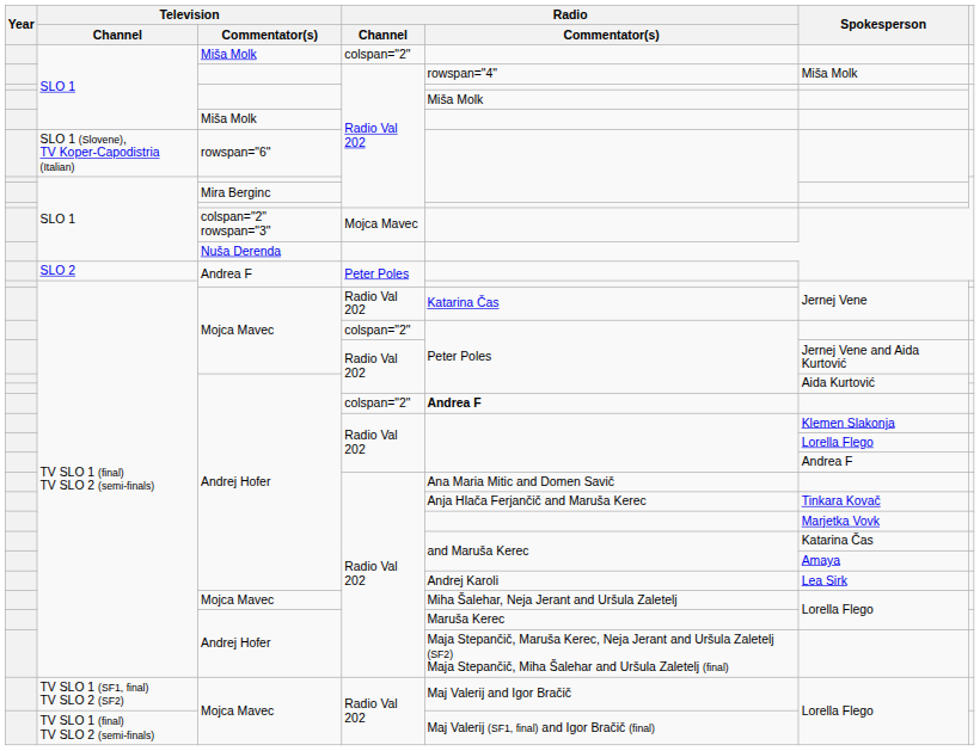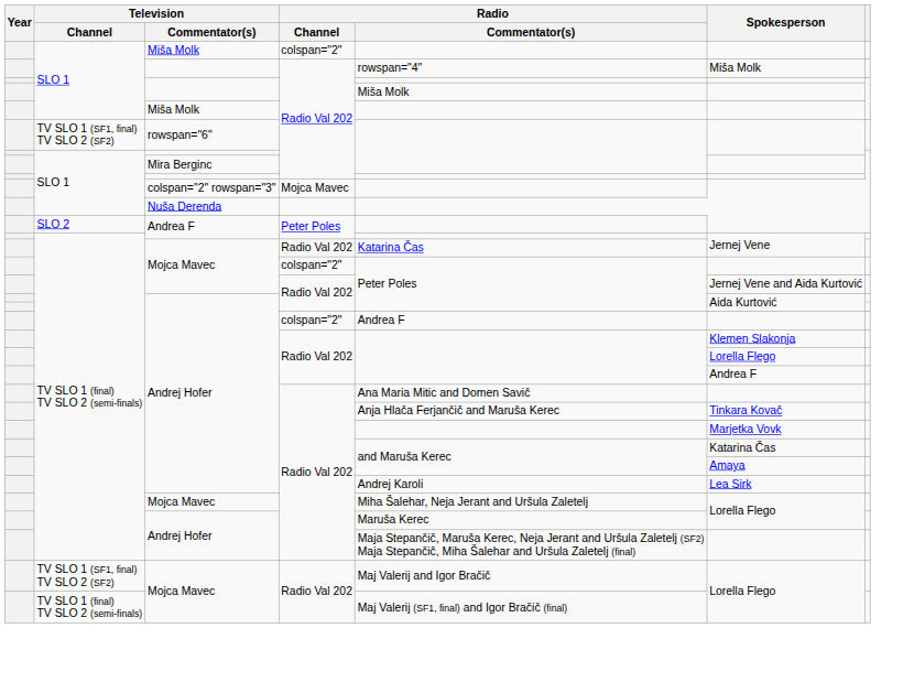 <table class="wikitable sortable plainrowheaders sticky-header" text-align: left;">
 <tr>
 <th scope="col" rowspan="2">Year</th>
 <th scope="col" colspan="2">Television</th>
 <th scope="col" colspan="2">Radio</th>
 <th scope="col" rowspan="2">Spokesperson</th>
 <th scope="col" rowspan="2" class="unsortable"></th>
 </tr>
 <tr>
 <th scope="col">Channel</th>
 <th scope="col">Commentator(s)</th>
 <th scope="col">Channel</th>
 <th scope="col">Commentator(s)</th>
 </tr>
 <tr>
 <th scope="row"></th>
 <td rowspan="5"><a href='#'>SLO 1</a></td>
 <td><a href='#'>Miša Molk</a></td>
 <td>colspan="2" </td>
 <td></td>
 <td></td>
 </tr>
 <tr>
 <th scope="row"></th>
 <td></td>
 <td rowspan="8"><a href='#'>Radio Val 202</a></td>
 <td>rowspan="4" </td>
 <td>Miša Molk</td>
 <td></td>
 </tr>
 <tr>
 <th scope="row"></th>
 <td rowspan="2"></td>
 <td></td>
 <td></td>
 </tr>
 <tr>
 <th scope="row"></th>
 <td>Miša Molk</td>
 <td></td>
 </tr>
 <tr>
 <th scope="row"></th>
 <td>Miša Molk</td>
 <td></td>
 <td></td>
 </tr>
 <tr>
 <th scope="row"></th>
-<td>SLO 1 <small>(Slovene)</small>, <br> <a href='#'>TV Koper-Capodistria</a> <small>(Italian)</small></td>
+<td>TV SLO 1 <small>(SF1, final)</small><br>TV SLO 2 <small>(SF2)</small></td>
 <td>rowspan="6" </td>
 <td rowspan="3"></td>
 <td rowspan="2"></td>
 <td></td>
 </tr>
 <tr>
 <th scope="row"></th>
 <td rowspan="5">SLO 1</td>
 <td></td>
 </tr>
 <tr>
 <th scope="row"></th>
 <td>Mira Berginc</td>
 <td></td>
 </tr>
 <tr>
 <th scope="row"></th>
 <td></td>
 <td></td>
 <td></td>
 </tr>
 <tr>
 <th scope="row"></th>
 <td>colspan="2" rowspan="3" </td>
 <td>Mojca Mavec</td>
 <td></td>
 </tr>
 <tr>
 <th scope="row"></th>
 <td><a href='#'>Nuša Derenda</a></td>
 <td></td>
 </tr>
 <tr>
 <th scope="row"></th>
 <td><a href='#'>SLO 2</a></td>
 <td rowspan="2">Andrea F</td>
 <td rowspan="2"><a href='#'>Peter Poles</a></td>
 <td></td>
 </tr>
 <tr>
 <th scope="row"></th>
 <td rowspan="19">TV SLO 1 <small>(final)</small><br>TV SLO 2 <small>(semi-finals)</small></td>
 <td></td>
 <td rowspan="2">Jernej Vene</td>
 <td></td>
 </tr>
 <tr>
 <th scope="row"></th>
 <td rowspan="3">Mojca Mavec</td>
 <td>Radio Val 202</td>
 <td><a href='#'>Katarina Čas</a></td>
 <td></td>
 </tr>
 <tr>
 <th scope="row"></th>
 <td>colspan="2" </td>
 <td rowspan="4">Peter Poles</td>
 <td></td>
 </tr>
 <tr>
 <th scope="row"></th>
 <td rowspan="3">Radio Val 202</td>
 <td>Jernej Vene and Aida Kurtović</td>
 <td></td>
 </tr>
 <tr>
 <th scope="row"></th>
 <td rowspan="12">Andrej Hofer</td>
 <td rowspan="2">Aida Kurtović</td>
 <td></td>
 </tr>
 <tr>
 <th scope="row"></th>
 <td></td>
 </tr>
 <tr>
 <th scope="row"></th>
 <td>colspan="2" </td>
-<td><strong>Andrea F</strong></td>
+<td>Andrea F</td>
 <td></td>
 </tr>
 <tr>
 <th scope="row"></th>
 <td rowspan="3">Radio Val 202</td>
 <td rowspan="3"></td>
 <td><a href='#'>Klemen Slakonja</a></td>
 <td></td>
 </tr>
 <tr>
 <th scope="row"></th>
 <td><a href='#'>Lorella Flego</a></td>
 <td></td>
 </tr>
 <tr>
 <th scope="row"></th>
 <td>Andrea F</td>
 <td></td>
 </tr>
 <tr>
 <th scope="row"></th>
 <td rowspan="9">Radio Val 202<br></td>
 <td>Ana Maria Mitic and Domen Savič</td>
 <td></td>
 <td></td>
 </tr>
 <tr>
 <th scope="row"></th>
 <td>Anja Hlača Ferjančič and Maruša Kerec</td>
 <td><a href='#'>Tinkara Kovač</a></td>
 <td></td>
 </tr>
 <tr>
 <th scope="row"></th>
 <td></td>
 <td><a href='#'>Marjetka Vovk</a></td>
 <td></td>
 </tr>
 <tr>
 <th scope="row"></th>
 <td rowspan="2"> and Maruša Kerec</td>
 <td>Katarina Čas</td>
 <td></td>
 </tr>
 <tr>
 <th scope="row"></th>
 <td><a href='#'>Amaya</a></td>
 <td></td>
 </tr>
 <tr>
 <th scope="row"></th>
 <td>Andrej Karoli</td>
 <td><a href='#'>Lea Sirk</a></td>
 <td></td>
 </tr>
 <tr>
 <th scope="row"></th>
 <td>Mojca Mavec</td>
 <td>Miha Šalehar, Neja Jerant and Uršula Zaletelj</td>
 <td rowspan="2">Lorella Flego</td>
 <td></td>
 </tr>
 <tr>
 <th scope="row"></th>
 <td rowspan="2">Andrej Hofer</td>
 <td>Maruša Kerec</td>
 <td></td>
 </tr>
 <tr>
 <th scope="row"></th>
 <td>Maja Stepančič, Maruša Kerec, Neja Jerant and Uršula Zaletelj <small>(SF2)</small><br>Maja Stepančič, Miha Šalehar and Uršula Zaletelj <small>(final)</small></td>
 <td></td>
 <td></td>
 </tr>
 <tr>
 <th scope="row"></th>
 <td>TV SLO 1 <small>(SF1, final)</small><br>TV SLO 2 <small>(SF2)</small></td>
 <td rowspan=2>Mojca Mavec</td>
 <td rowspan=2>Radio Val 202</td>
 <td>Maj Valerij and Igor Bračič</td>
 <td rowspan=2>Lorella Flego</td>
 <td></td>
 </tr>
 <tr>
 <th scope="row"></th>
 <td>TV SLO 1 <small>(final)</small><br>TV SLO 2 <small>(semi-finals)</small></td>
 <td>Maj Valerij <small>(SF1, final)</small> and Igor Bračič <small>(final)</small></td>
 <td></td>
 </tr>
 </table>
